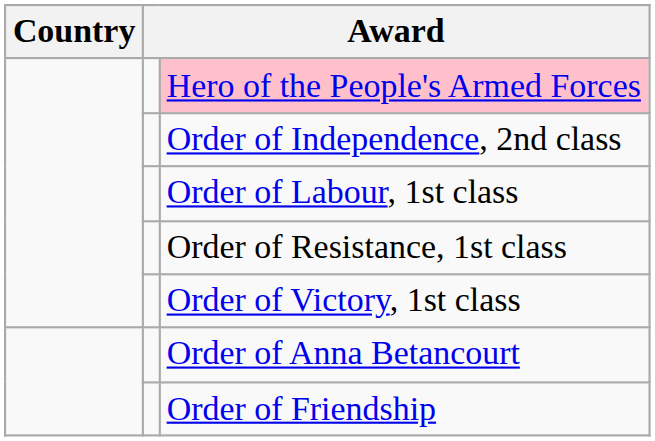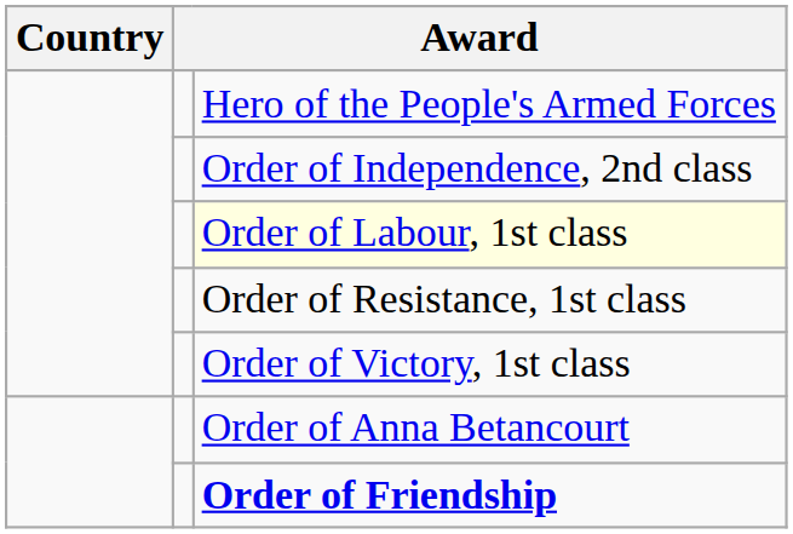 <table class="wikitable">
 <tr>
 <th>Country</th>
 <th colspan="2">Award</th>
 </tr>
 <tr>
 <td rowspan="5"></td>
 <td></td>
-<td style="background: pink;"><a href='#'>Hero of the People's Armed Forces</a></td>
+<td><a href='#'>Hero of the People's Armed Forces</a></td>
 </tr>
 <tr>
 <td></td>
 <td><a href='#'>Order of Independence</a>, 2nd class</td>
 </tr>
 <tr>
 <td></td>
-<td><a href='#'>Order of Labour</a>, 1st class</td>
+<td style="background: lightyellow;"><a href='#'>Order of Labour</a>, 1st class</td>
 </tr>
 <tr>
 <td></td>
 <td>Order of Resistance, 1st class</td>
 </tr>
 <tr>
 <td></td>
 <td><a href='#'>Order of Victory</a>, 1st class</td>
 </tr>
 <tr>
 <td rowspan="2"></td>
 <td></td>
 <td><a href='#'>Order of Anna Betancourt</a></td>
 </tr>
 <tr>
 <td></td>
-<td><a href='#'>Order of Friendship</a></td>
+<td><strong><a href='#'>Order of Friendship</a></strong></td>
 </tr>
 </table>
